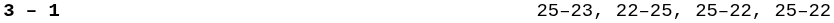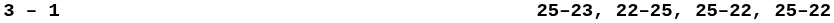 <table width=100% cellspacing=1>
 <tr>
 <th width=20%></th>
 <th width=12%></th>
 <th width=20%></th>
 <th width=33%></th>
 <td></td>
 </tr>
 <tr style=font-size:95%>
 <td align=right><strong></strong></td>
 <td align=center><strong>3 – 1</strong></td>
 <td></td>
-<td>25–23, 22–25, 25–22, 25–22</td>
+<td><strong>25–23, 22–25, 25–22, 25–22</strong></td>
 </tr>
 </table>
